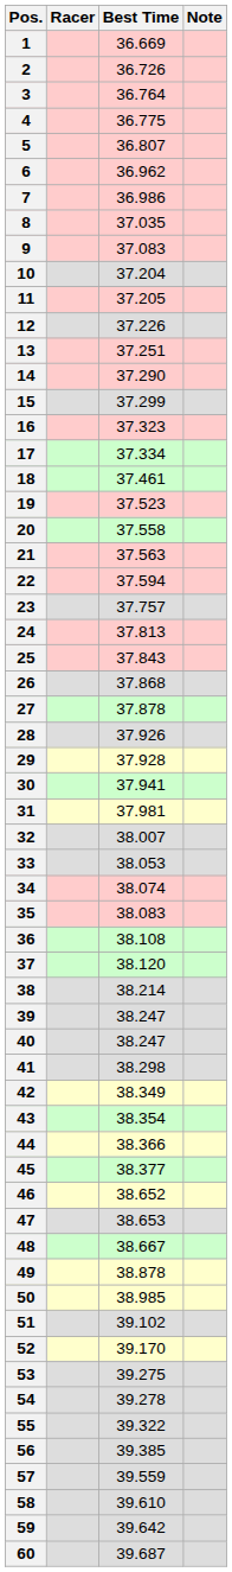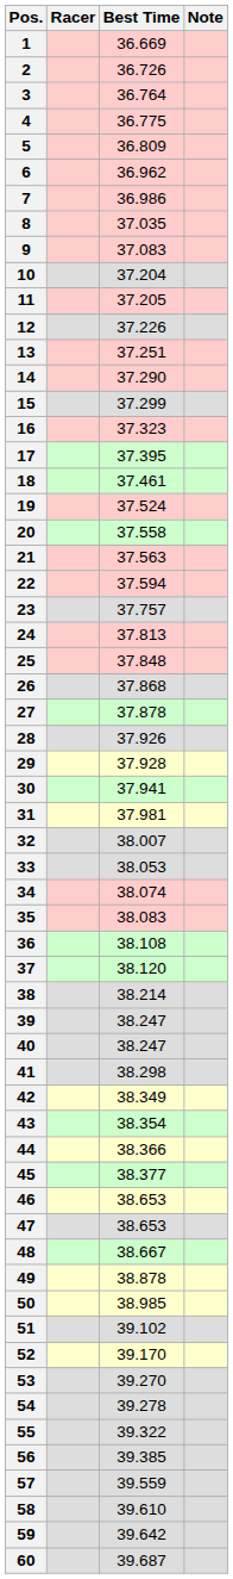 <table class="wikitable sortable plainrowheaders" style="text-align:center;">
 <tr>
 <th scope="col">Pos.</th>
 <th scope="col">Racer</th>
 <th scope="col">Best Time</th>
 <th scope="col">Note</th>
 </tr>
 <tr bgcolor=#ffcccc>
 <th style="text - align:center; ">1</th>
 <td align="left"></td>
 <td>36.669</td>
 <td></td>
 </tr>
 <tr bgcolor=#ffcccc>
 <th style="text - align:center; ">2</th>
 <td align="left"></td>
 <td>36.726</td>
 <td></td>
 </tr>
 <tr bgcolor=#ffcccc>
 <th style="text - align:center; ">3</th>
 <td align="left"></td>
 <td>36.764</td>
 <td></td>
 </tr>
 <tr bgcolor=#ffcccc>
 <th style="text - align:center; ">4</th>
 <td align="left"></td>
 <td>36.775</td>
 <td></td>
 </tr>
 <tr bgcolor=#ffcccc>
 <th style="text - align:center; ">5</th>
 <td align="left"></td>
-<td>36.807</td>
+<td>36.809</td>
 <td></td>
 </tr>
 <tr bgcolor=#ffcccc>
 <th style="text - align:center; ">6</th>
 <td align="left"></td>
 <td>36.962</td>
 <td></td>
 </tr>
 <tr bgcolor=#ffcccc>
 <th style="text - align:center; ">7</th>
 <td align="left"></td>
 <td>36.986</td>
 <td></td>
 </tr>
 <tr bgcolor=#ffcccc>
 <th style="text - align:center; ">8</th>
 <td align="left"></td>
 <td>37.035</td>
 <td></td>
 </tr>
 <tr bgcolor=#ffcccc>
 <th style="text - align:center; ">9</th>
 <td align="left"></td>
 <td>37.083</td>
 <td></td>
 </tr>
 <tr bgcolor=#dddddd>
 <th style="text - align:center; ">10</th>
 <td align="left"></td>
 <td>37.204</td>
 <td></td>
 </tr>
 <tr bgcolor=#ffcccc>
 <th style="text - align:center; ">11</th>
 <td align="left"></td>
 <td>37.205</td>
 <td></td>
 </tr>
 <tr bgcolor=#dddddd>
 <th style="text - align:center; ">12</th>
 <td align="left"></td>
 <td>37.226</td>
 <td></td>
 </tr>
 <tr bgcolor=#ffcccc>
 <th style="text - align:center; ">13</th>
 <td align="left"></td>
 <td>37.251</td>
 <td></td>
 </tr>
 <tr bgcolor=#ffcccc>
 <th style="text - align:center; ">14</th>
 <td align="left"></td>
 <td>37.290</td>
 <td></td>
 </tr>
 <tr bgcolor=#dddddd>
 <th style="text - align:center; ">15</th>
 <td align="left"></td>
 <td>37.299</td>
 <td></td>
 </tr>
 <tr bgcolor=#ffcccc>
 <th style="text - align:center; ">16</th>
 <td align="left"></td>
 <td>37.323</td>
 <td></td>
 </tr>
 <tr bgcolor=#ccffcc>
 <th style="text - align:center; ">17</th>
 <td align="left"></td>
-<td>37.334</td>
+<td>37.395</td>
 <td></td>
 </tr>
 <tr bgcolor=#ccffcc>
 <th style="text - align:center; ">18</th>
 <td align="left"></td>
 <td>37.461</td>
 <td></td>
 </tr>
 <tr bgcolor=#ffcccc>
 <th style="text - align:center; ">19</th>
 <td align="left"></td>
-<td>37.523</td>
+<td>37.524</td>
 <td></td>
 </tr>
 <tr bgcolor=#ccffcc>
 <th style="text - align:center; ">20</th>
 <td align="left"></td>
 <td>37.558</td>
 <td></td>
 </tr>
 <tr bgcolor=#ffcccc>
 <th style="text - align:center; ">21</th>
 <td align="left"></td>
 <td>37.563</td>
 <td></td>
 </tr>
 <tr bgcolor=#ffcccc>
 <th style="text - align:center; ">22</th>
 <td align="left"></td>
 <td>37.594</td>
 <td></td>
 </tr>
 <tr bgcolor=#dddddd>
 <th style="text - align:center; ">23</th>
 <td align="left"></td>
 <td>37.757</td>
 <td></td>
 </tr>
 <tr bgcolor=#ffcccc>
 <th style="text - align:center; ">24</th>
 <td align="left"></td>
 <td>37.813</td>
 <td></td>
 </tr>
 <tr bgcolor=#ffcccc>
 <th style="text - align:center; ">25</th>
 <td align="left"></td>
-<td>37.843</td>
+<td>37.848</td>
 <td></td>
 </tr>
 <tr bgcolor=#dddddd>
 <th style="text - align:center; ">26</th>
 <td align="left"></td>
 <td>37.868</td>
 <td></td>
 </tr>
 <tr bgcolor=#ccffcc>
 <th style="text - align:center; ">27</th>
 <td align="left"></td>
 <td>37.878</td>
 <td></td>
 </tr>
 <tr bgcolor=#dddddd>
 <th style="text - align:center; ">28</th>
 <td align="left"></td>
 <td>37.926</td>
 <td></td>
 </tr>
 <tr bgcolor=#ffffcc>
 <th style="text - align:center; ">29</th>
 <td align="left"></td>
 <td>37.928</td>
 <td></td>
 </tr>
 <tr bgcolor=#ccffcc>
 <th style="text - align:center; ">30</th>
 <td align="left"></td>
 <td>37.941</td>
 <td></td>
 </tr>
 <tr bgcolor=#ffffcc>
 <th style="text - align:center; ">31</th>
 <td align="left"></td>
 <td>37.981</td>
 <td></td>
 </tr>
 <tr bgcolor=#dddddd>
 <th style="text - align:center; ">32</th>
 <td align="left"></td>
 <td>38.007</td>
 <td></td>
 </tr>
 <tr bgcolor=#dddddd>
 <th style="text - align:center; ">33</th>
 <td align="left"></td>
 <td>38.053</td>
 <td></td>
 </tr>
 <tr bgcolor=#ffcccc>
 <th style="text - align:center; ">34</th>
 <td align="left"></td>
 <td>38.074</td>
 <td></td>
 </tr>
 <tr bgcolor=#ffcccc>
 <th style="text - align:center; ">35</th>
 <td align="left"></td>
 <td>38.083</td>
 <td></td>
 </tr>
 <tr bgcolor=#ccffcc>
 <th style="text - align:center; ">36</th>
 <td align="left"></td>
 <td>38.108</td>
 <td></td>
 </tr>
 <tr bgcolor=#ccffcc>
 <th style="text - align:center; ">37</th>
 <td align="left"></td>
 <td>38.120</td>
 <td></td>
 </tr>
 <tr bgcolor=#dddddd>
 <th style="text - align:center; ">38</th>
 <td align="left"></td>
 <td>38.214</td>
 <td></td>
 </tr>
 <tr bgcolor=#dddddd>
 <th style="text - align:center; ">39</th>
 <td align="left"></td>
 <td>38.247</td>
 <td></td>
 </tr>
 <tr bgcolor=#dddddd>
 <th style="text - align:center; ">40</th>
 <td align="left"></td>
 <td>38.247</td>
 <td></td>
 </tr>
 <tr bgcolor=#dddddd>
 <th style="text - align:center; ">41</th>
 <td align="left"></td>
 <td>38.298</td>
 <td></td>
 </tr>
 <tr bgcolor=#ffffcc>
 <th style="text - align:center; ">42</th>
 <td align="left"></td>
 <td>38.349</td>
 <td></td>
 </tr>
 <tr bgcolor=#ccffcc>
 <th style="text - align:center; ">43</th>
 <td align="left"></td>
 <td>38.354</td>
 <td></td>
 </tr>
 <tr bgcolor=#ffffcc>
 <th style="text - align:center; ">44</th>
 <td align="left"></td>
 <td>38.366</td>
 <td></td>
 </tr>
 <tr bgcolor=#ccffcc>
 <th style="text - align:center; ">45</th>
 <td align="left"></td>
 <td>38.377</td>
 <td></td>
 </tr>
 <tr bgcolor=#ffffcc>
 <th style="text - align:center; ">46</th>
 <td align="left"></td>
-<td>38.652</td>
+<td>38.653</td>
 <td></td>
 </tr>
 <tr bgcolor=#dddddd>
 <th style="text - align:center; ">47</th>
 <td align="left"></td>
 <td>38.653</td>
 <td></td>
 </tr>
 <tr bgcolor=#ccffcc>
 <th style="text - align:center; ">48</th>
 <td align="left"></td>
 <td>38.667</td>
 <td></td>
 </tr>
 <tr bgcolor=#ffffcc>
 <th style="text - align:center; ">49</th>
 <td align="left"></td>
 <td>38.878</td>
 <td></td>
 </tr>
 <tr bgcolor=#ffffcc>
 <th style="text - align:center; ">50</th>
 <td align="left"></td>
 <td>38.985</td>
 <td></td>
 </tr>
 <tr bgcolor=#dddddd>
 <th style="text - align:center; ">51</th>
 <td align="left"></td>
 <td>39.102</td>
 <td></td>
 </tr>
 <tr bgcolor=#ffffcc>
 <th style="text - align:center; ">52</th>
 <td align="left"></td>
 <td>39.170</td>
 <td></td>
 </tr>
 <tr bgcolor=#dddddd>
 <th style="text - align:center; ">53</th>
 <td align="left"></td>
-<td>39.275</td>
+<td>39.270</td>
 <td></td>
 </tr>
 <tr bgcolor=#dddddd>
 <th style="text - align:center; ">54</th>
 <td align="left"></td>
 <td>39.278</td>
 <td></td>
 </tr>
 <tr bgcolor=#dddddd>
 <th style="text - align:center; ">55</th>
 <td align="left"></td>
 <td>39.322</td>
 <td></td>
 </tr>
 <tr bgcolor=#dddddd>
 <th style="text - align:center; ">56</th>
 <td align="left"></td>
 <td>39.385</td>
 <td></td>
 </tr>
 <tr bgcolor=#dddddd>
 <th style="text - align:center; ">57</th>
 <td align="left"></td>
 <td>39.559</td>
 <td></td>
 </tr>
 <tr bgcolor=#dddddd>
 <th style="text - align:center; ">58</th>
 <td align="left"></td>
 <td>39.610</td>
 <td></td>
 </tr>
 <tr bgcolor=#dddddd>
 <th style="text - align:center; ">59</th>
 <td align="left"></td>
 <td>39.642</td>
 <td></td>
 </tr>
 <tr bgcolor=#dddddd>
 <th style="text - align:center; ">60</th>
 <td align="left"></td>
 <td>39.687</td>
 <td></td>
 </tr>
 </table>
